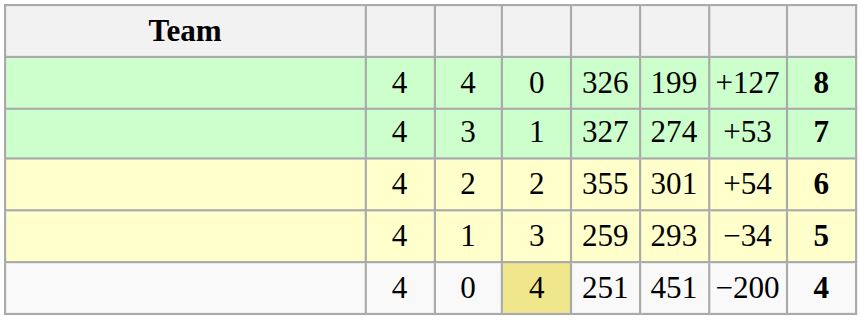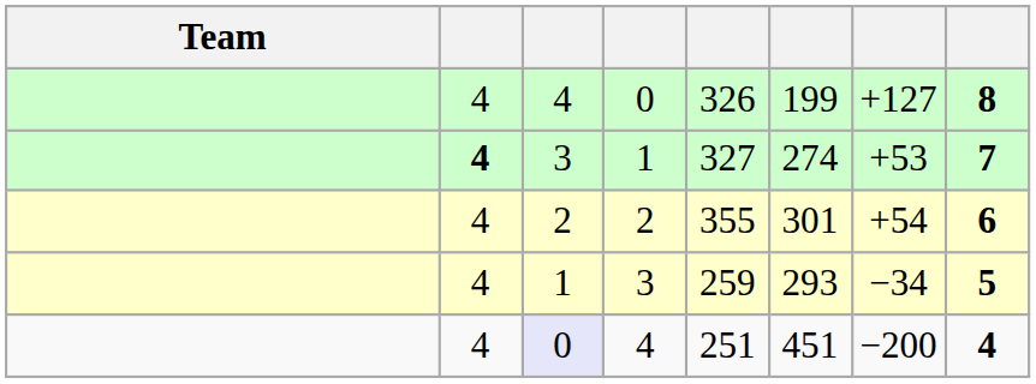 <table class="wikitable" style="text-align: center; font-size:90% ">
 <tr>
 <th width=160>Team</th>
 <th width=25></th>
 <th width=25></th>
 <th width=25></th>
 <th width=25></th>
 <th width=25></th>
 <th width=25></th>
 <th width=25></th>
 </tr>
 <tr bgcolor=ccffcc>
 <td align=left></td>
 <td>4</td>
 <td>4</td>
 <td>0</td>
 <td>326</td>
 <td>199</td>
 <td>+127</td>
 <td><strong>8</strong></td>
 </tr>
 <tr bgcolor=ccffcc>
 <td align=left></td>
-<td>4</td>
+<td><strong>4</strong></td>
 <td>3</td>
 <td>1</td>
 <td>327</td>
 <td>274</td>
 <td>+53</td>
 <td><strong>7</strong></td>
 </tr>
 <tr bgcolor=ffffcc>
 <td align=left></td>
 <td>4</td>
 <td>2</td>
 <td>2</td>
 <td>355</td>
 <td>301</td>
 <td>+54</td>
 <td><strong>6</strong></td>
 </tr>
 <tr bgcolor=ffffcc>
 <td align=left></td>
 <td>4</td>
 <td>1</td>
 <td>3</td>
 <td>259</td>
 <td>293</td>
 <td>−34</td>
 <td><strong>5</strong></td>
 </tr>
 <tr>
 <td align=left></td>
 <td>4</td>
-<td>0</td>
-<td style="background: khaki;">4</td>
+<td style="background: lavender;">0</td>
+<td>4</td>
 <td>251</td>
 <td>451</td>
 <td>−200</td>
 <td><strong>4</strong></td>
 </tr>
 </table>
